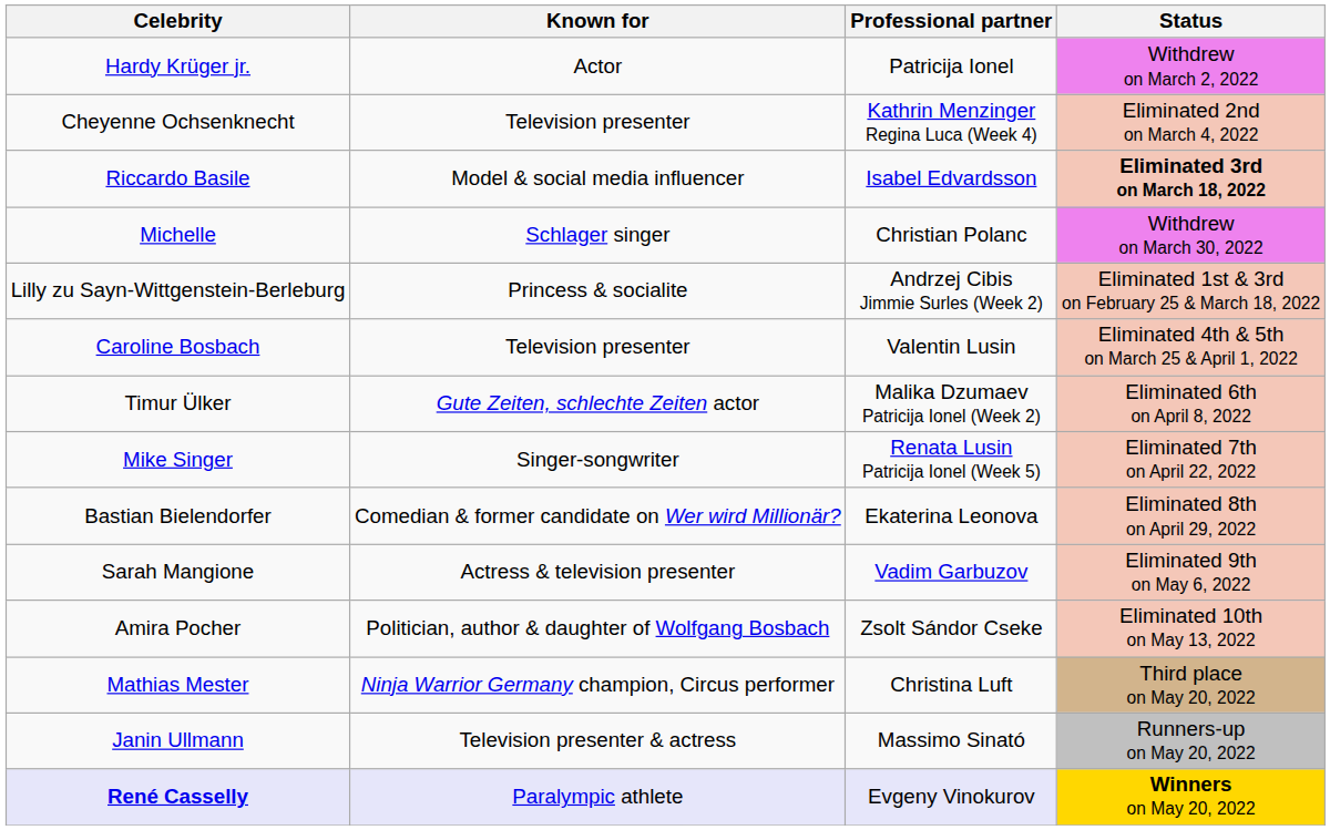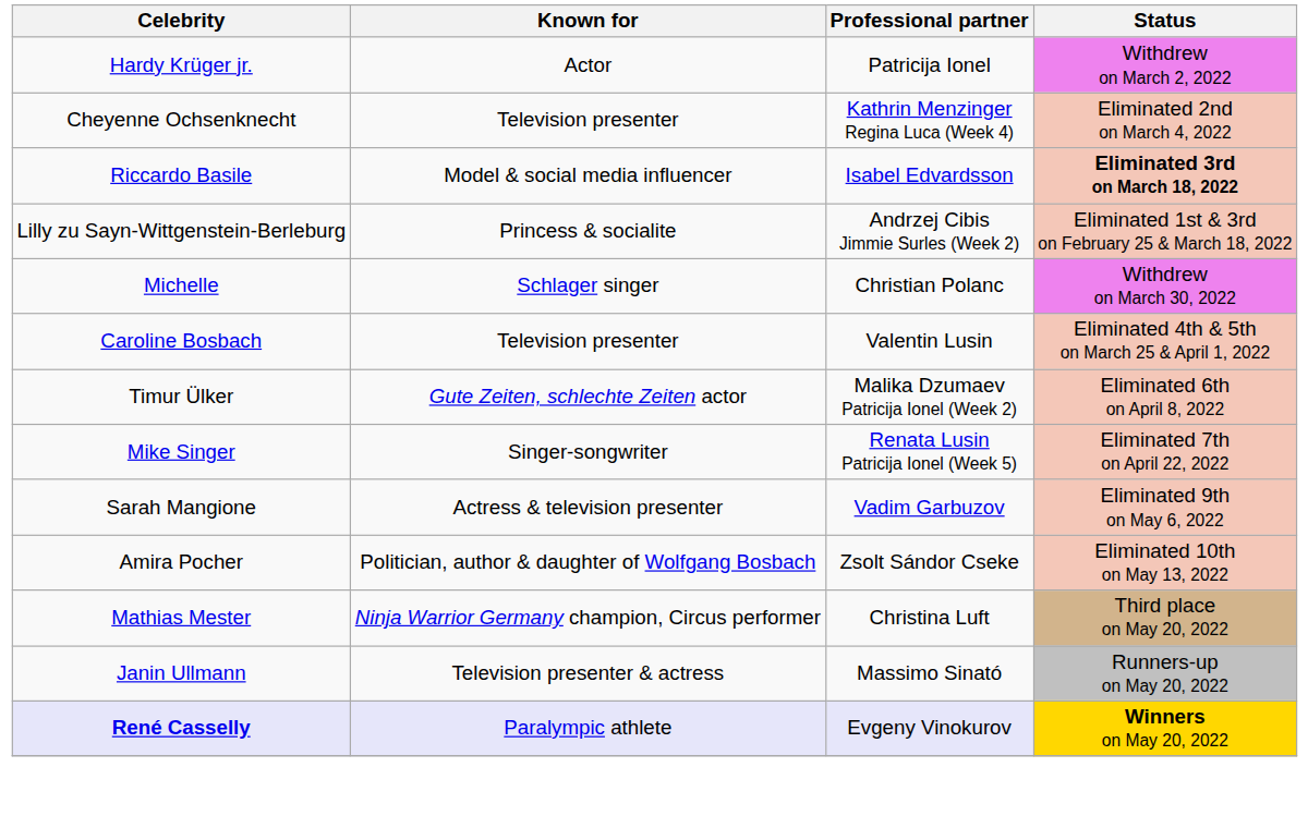 <table class= "wikitable sortable" style="text-align: center; margin:auto; align: center">
 <tr>
 <th>Celebrity</th>
 <th>Known for</th>
 <th>Professional partner</th>
 <th>Status</th>
 </tr>
 <tr>
 <td><a href='#'>Hardy Krüger jr.</a></td>
 <td>Actor</td>
 <td>Patricija Ionel</td>
 <td bgcolor="violet">Withdrew<br><small>on March 2, 2022</small></td>
 </tr>
 <tr>
 <td>Cheyenne Ochsenknecht</td>
 <td>Television presenter</td>
 <td><a href='#'>Kathrin Menzinger</a><br><small>Regina Luca (Week 4)</small></td>
 <td bgcolor="#F4C7B8">Eliminated 2nd<br><small>on March 4, 2022</small></td>
 </tr>
 <tr>
 <td><a href='#'>Riccardo Basile</a></td>
 <td>Model & social media influencer</td>
 <td><a href='#'>Isabel Edvardsson</a></td>
 <td bgcolor="#F4C7B8"><strong>Eliminated 3rd<br><small>on March 18, 2022</small></strong></td>
 </tr>
 <tr>
+<td>Lilly zu Sayn-Wittgenstein-Berleburg</td>
+<td>Princess & socialite</td>
+<td>Andrzej Cibis<br><small>Jimmie Surles (Week 2)</small></td>
+<td bgcolor="#F4C7B8">Eliminated 1st & 3rd<br><small>on February 25 & March 18, 2022</small></td>
+</tr>
+<tr>
 <td><a href='#'>Michelle</a></td>
 <td><a href='#'>Schlager</a> singer</td>
 <td>Christian Polanc</td>
 <td bgcolor="violet">Withdrew<br><small>on March 30, 2022</small></td>
-</tr>
-<tr>
-<td>Lilly zu Sayn-Wittgenstein-Berleburg</td>
-<td>Princess & socialite</td>
-<td>Andrzej Cibis<br><small>Jimmie Surles (Week 2)</small></td>
-<td bgcolor="#F4C7B8">Eliminated 1st & 3rd<br><small>on February 25 & March 18, 2022</small></td>
 </tr>
 <tr>
 <td><a href='#'>Caroline Bosbach</a></td>
 <td>Television presenter</td>
 <td>Valentin Lusin</td>
 <td bgcolor="#F4C7B8">Eliminated 4th & 5th<br><small>on March 25 & April 1, 2022</small></td>
 </tr>
 <tr>
 <td>Timur Ülker</td>
 <td><em><a href='#'>Gute Zeiten, schlechte Zeiten</a></em> actor</td>
 <td>Malika Dzumaev<br><small>Patricija Ionel (Week 2)</small></td>
 <td bgcolor="#F4C7B8">Eliminated 6th<br><small>on April 8, 2022</small></td>
 </tr>
 <tr>
 <td><a href='#'>Mike Singer</a></td>
 <td>Singer-songwriter</td>
 <td><a href='#'>Renata Lusin</a><br><small>Patricija Ionel (Week 5)</small></td>
 <td bgcolor="#F4C7B8">Eliminated 7th<br><small>on April 22, 2022</small></td>
-</tr>
-<tr>
-<td>Bastian Bielendorfer</td>
-<td>Comedian & former candidate on <em><a href='#'>Wer wird Millionär?</a></em></td>
-<td>Ekaterina Leonova</td>
-<td bgcolor="#F4C7B8">Eliminated 8th<br><small>on April 29, 2022</small></td>
 </tr>
 <tr>
 <td>Sarah Mangione</td>
 <td>Actress & television presenter</td>
 <td><a href='#'>Vadim Garbuzov</a></td>
 <td bgcolor="#F4C7B8">Eliminated 9th<br><small>on May 6, 2022</small></td>
 </tr>
 <tr>
 <td>Amira Pocher</td>
 <td>Politician, author & daughter of <a href='#'>Wolfgang Bosbach</a></td>
 <td>Zsolt Sándor Cseke</td>
 <td bgcolor="#F4C7B8">Eliminated 10th<br><small>on May 13, 2022</small></td>
 </tr>
 <tr>
 <td><a href='#'>Mathias Mester</a></td>
 <td><em><a href='#'>Ninja Warrior Germany</a></em> champion, Circus performer</td>
 <td>Christina Luft</td>
 <td bgcolor="tan">Third place<br><small>on May 20, 2022</small></td>
 </tr>
 <tr>
 <td><a href='#'>Janin Ullmann</a></td>
 <td>Television presenter & actress</td>
 <td>Massimo Sinató</td>
 <td bgcolor="silver">Runners-up<br><small>on May 20, 2022</small></td>
 </tr>
 <tr bgcolor="lavender">
 <td><strong><a href='#'>René Casselly</a></strong></td>
 <td><a href='#'>Paralympic</a> athlete</td>
 <td>Evgeny Vinokurov</td>
 <td bgcolor="gold"><strong>Winners</strong><br><small>on May 20, 2022</small></td>
 </tr>
 <tr>
 </tr>
 </table>
